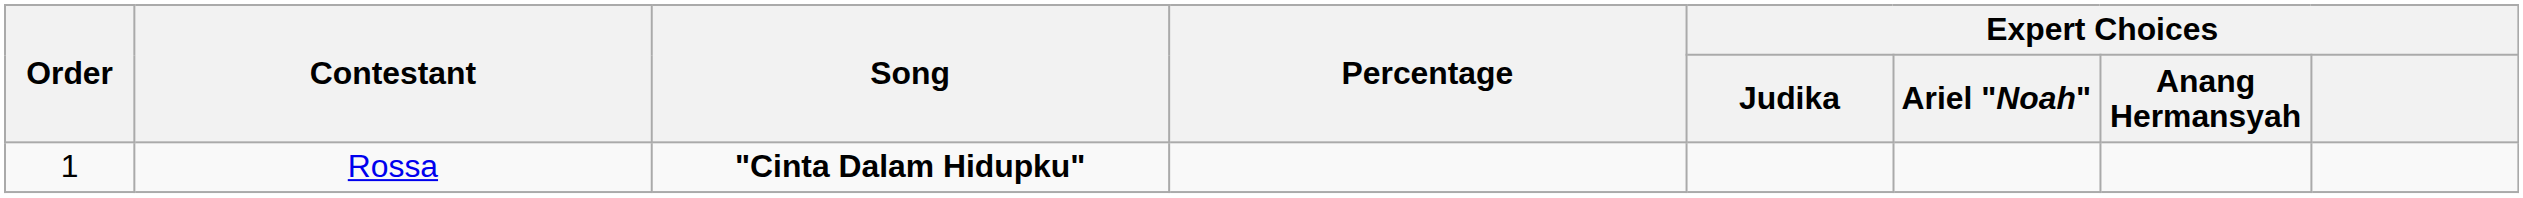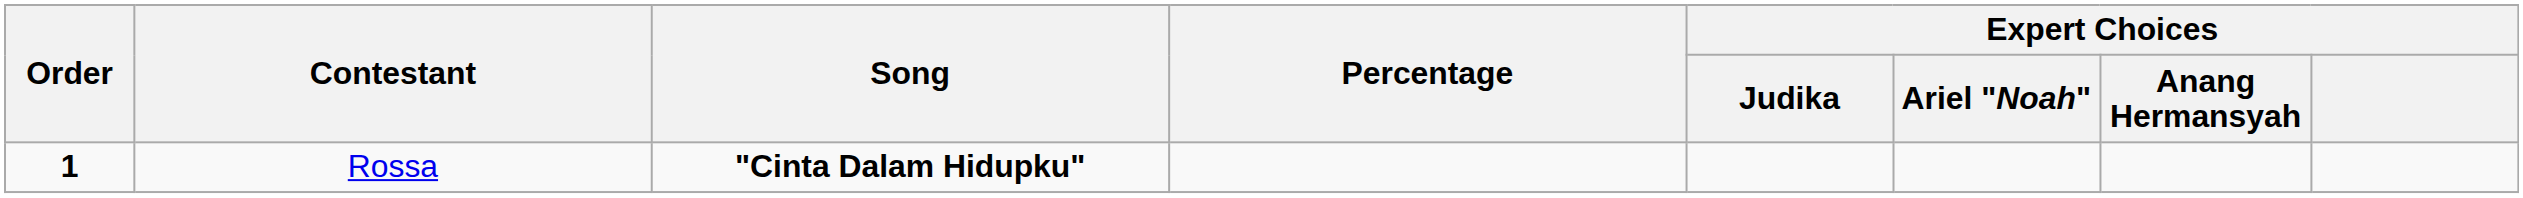 <table class="wikitable" style="text-align:center; width:100%;">
 <tr>
 <th scope="col" rowspan="2" style="width:05%;">Order</th>
 <th scope="col" rowspan="2" style="width:20%;">Contestant</th>
 <th scope="col" rowspan="2" style="width:20%;">Song</th>
 <th scope="col" rowspan="2" style="width:20%;">Percentage</th>
 <th scope="col" colspan="4" style="width:32%;">Expert Choices</th>
 </tr>
 <tr>
 <th style="width:08%;">Judika</th>
 <th style="width:08%;">Ariel "<em>Noah</em>"</th>
 <th style="width:08%;">Anang Hermansyah</th>
 <th style="width:08%;"></th>
 </tr>
 <tr>
-<td>1</td>
+<td><strong>1</strong></td>
 <td><a href='#'>Rossa</a></td>
 <td><strong>"Cinta Dalam Hidupku"</strong></td>
 <td></td>
 <td></td>
 <td></td>
 <td></td>
 <td></td>
 </tr>
 </table>
